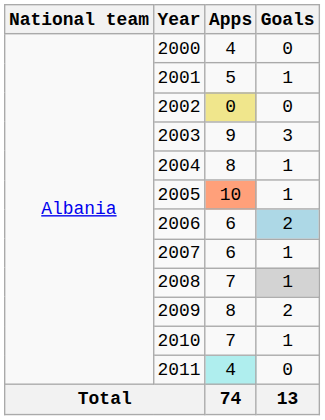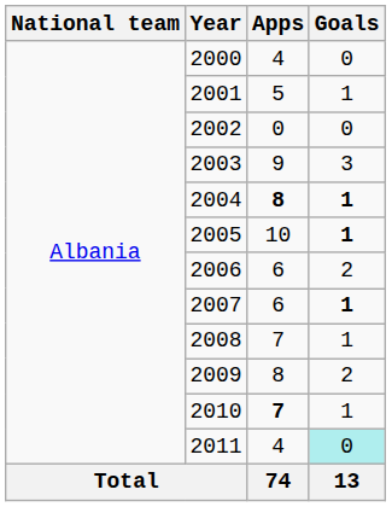 <table class="wikitable" style="text-align:center">
 <tr>
 <th>National team</th>
 <th>Year</th>
 <th>Apps</th>
 <th>Goals</th>
 </tr>
 <tr>
 <td rowspan="12"><a href='#'>Albania</a></td>
 <td>2000</td>
 <td>4</td>
 <td>0</td>
 </tr>
 <tr>
 <td>2001</td>
 <td>5</td>
 <td>1</td>
 </tr>
 <tr>
 <td>2002</td>
-<td style="background: khaki;">0</td>
+<td>0</td>
 <td>0</td>
 </tr>
 <tr>
 <td>2003</td>
 <td>9</td>
 <td>3</td>
 </tr>
 <tr>
 <td>2004</td>
-<td>8</td>
-<td>1</td>
+<td><strong>8</strong></td>
+<td><strong>1</strong></td>
 </tr>
 <tr>
 <td>2005</td>
-<td style="background: lightsalmon;">10</td>
-<td>1</td>
+<td>10</td>
+<td><strong>1</strong></td>
 </tr>
 <tr>
 <td>2006</td>
 <td>6</td>
-<td style="background: lightblue;">2</td>
+<td>2</td>
 </tr>
 <tr>
 <td>2007</td>
 <td>6</td>
-<td>1</td>
+<td><strong>1</strong></td>
 </tr>
 <tr>
 <td>2008</td>
 <td>7</td>
-<td style="background: lightgrey;">1</td>
+<td>1</td>
 </tr>
 <tr>
 <td>2009</td>
 <td>8</td>
 <td>2</td>
 </tr>
 <tr>
 <td>2010</td>
-<td>7</td>
+<td><strong>7</strong></td>
 <td>1</td>
 </tr>
 <tr>
 <td>2011</td>
-<td style="background: paleturquoise;">4</td>
-<td>0</td>
+<td>4</td>
+<td style="background: paleturquoise;">0</td>
 </tr>
 <tr>
 <th colspan="2">Total</th>
 <th>74</th>
 <th>13</th>
 </tr>
 </table>
